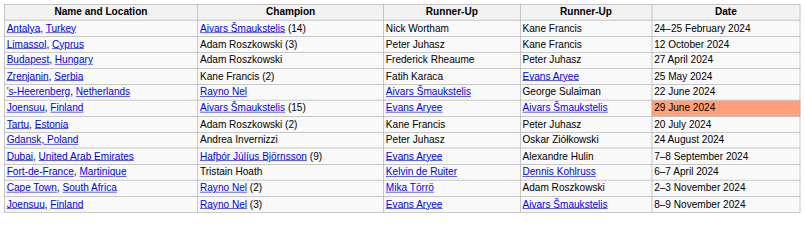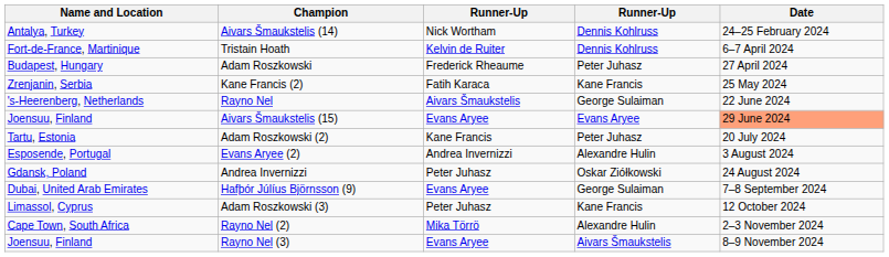 <table class="wikitable" style="display: inline-table;width: 100%;">
 <tr>
 <th scope="col">Name and Location</th>
 <th scope="col">Champion</th>
 <th scope="col">Runner-Up</th>
 <th scope="col">Runner-Up</th>
 <th scope="col">Date</th>
 </tr>
 <tr>
 <td> <a href='#'>Antalya</a>, <a href='#'>Turkey</a><br> </td>
 <td> <a href='#'>Aivars Šmaukstelis</a> (14)</td>
 <td> Nick Wortham</td>
-<td> Kane Francis</td>
+<td> <a href='#'>Dennis Kohlruss</a></td>
 <td>24–25 February 2024</td>
 </tr>
 <tr>
-<td> <a href='#'>Limassol</a>, <a href='#'>Cyprus</a><br> </td>
-<td> Adam Roszkowski (3)</td>
-<td> Peter Juhasz</td>
-<td> Kane Francis</td>
-<td>12 October 2024</td>
+<td> <a href='#'>Fort-de-France</a>, <a href='#'>Martinique</a><br> </td>
+<td> Tristain Hoath</td>
+<td> <a href='#'>Kelvin de Ruiter</a></td>
+<td> <a href='#'>Dennis Kohlruss</a></td>
+<td>6–7 April 2024</td>
 </tr>
 <tr>
 <td> <a href='#'>Budapest</a>, <a href='#'>Hungary</a><br> </td>
 <td> Adam Roszkowski</td>
 <td> Frederick Rheaume</td>
 <td> Peter Juhasz</td>
 <td>27 April 2024</td>
 </tr>
 <tr>
 <td> <a href='#'>Zrenjanin</a>, <a href='#'>Serbia</a><br> </td>
 <td> Kane Francis (2)</td>
 <td> Fatih Karaca</td>
-<td> <a href='#'>Evans Aryee</a></td>
+<td> Kane Francis</td>
 <td>25 May 2024</td>
 </tr>
 <tr>
 <td> <a href='#'>'s-Heerenberg</a>, <a href='#'>Netherlands</a><br> </td>
 <td> <a href='#'>Rayno Nel</a></td>
 <td> <a href='#'>Aivars Šmaukstelis</a></td>
 <td> George Sulaiman</td>
 <td>22 June 2024</td>
 </tr>
 <tr>
 <td> <a href='#'>Joensuu</a>, <a href='#'>Finland</a><br> </td>
 <td> <a href='#'>Aivars Šmaukstelis</a> (15)</td>
 <td> <a href='#'>Evans Aryee</a></td>
-<td> <a href='#'>Aivars Šmaukstelis</a></td>
+<td> <a href='#'>Evans Aryee</a></td>
 <td style="background: lightsalmon;">29 June 2024</td>
 </tr>
 <tr>
 <td> <a href='#'>Tartu</a>, <a href='#'>Estonia</a><br> </td>
 <td> Adam Roszkowski (2)</td>
 <td> Kane Francis</td>
 <td> Peter Juhasz</td>
 <td>20 July 2024</td>
+</tr>
+<tr>
+<td> <a href='#'>Esposende</a>, <a href='#'>Portugal</a> </td>
+<td> <a href='#'>Evans Aryee</a> (2)</td>
+<td> Andrea Invernizzi</td>
+<td> Alexandre Hulin</td>
+<td>3 August 2024</td>
 </tr>
 <tr>
 <td> <a href='#'>Gdansk, Poland</a><br> </td>
 <td> Andrea Invernizzi</td>
 <td> Peter Juhasz</td>
 <td> Oskar Ziółkowski</td>
 <td>24 August 2024</td>
 </tr>
 <tr>
 <td> <a href='#'>Dubai</a>, <a href='#'>United Arab Emirates</a><br> </td>
 <td> <a href='#'>Hafþór Júlíus Björnsson</a> (9)</td>
 <td> <a href='#'>Evans Aryee</a></td>
-<td> Alexandre Hulin</td>
+<td> George Sulaiman</td>
 <td>7–8 September 2024</td>
 </tr>
 <tr>
-<td> <a href='#'>Fort-de-France</a>, <a href='#'>Martinique</a><br> </td>
-<td> Tristain Hoath</td>
-<td> <a href='#'>Kelvin de Ruiter</a></td>
-<td> <a href='#'>Dennis Kohlruss</a></td>
-<td>6–7 April 2024</td>
+<td> <a href='#'>Limassol</a>, <a href='#'>Cyprus</a><br> </td>
+<td> Adam Roszkowski (3)</td>
+<td> Peter Juhasz</td>
+<td> Kane Francis</td>
+<td>12 October 2024</td>
 </tr>
 <tr>
 <td> <a href='#'>Cape Town</a>, <a href='#'>South Africa</a><br> </td>
 <td> <a href='#'>Rayno Nel</a> (2)</td>
 <td> <a href='#'>Mika Törrö</a></td>
-<td> Adam Roszkowski</td>
+<td> Alexandre Hulin</td>
 <td>2–3 November 2024</td>
 </tr>
 <tr>
 <td> <a href='#'>Joensuu</a>, <a href='#'>Finland</a><br> </td>
 <td> <a href='#'>Rayno Nel</a> (3)</td>
 <td> <a href='#'>Evans Aryee</a></td>
 <td> <a href='#'>Aivars Šmaukstelis</a></td>
 <td>8–9 November 2024</td>
 </tr>
 </table>
